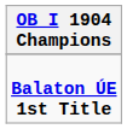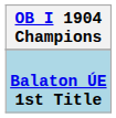 <table class="wikitable" style="text-align: center; margin: 0 auto;">
 <tr>
 <th><a href='#'>OB I</a> 1904<br>Champions</th>
 </tr>
 <tr>
 </tr>
 <tr>
-<td><br><strong><a href='#'>Balaton ÚE</a></strong><br><strong>1st Title</strong></td>
+<td style="background: lightblue;"><br><strong><a href='#'>Balaton ÚE</a></strong><br><strong>1st Title</strong></td>
 </tr>
 </table>
